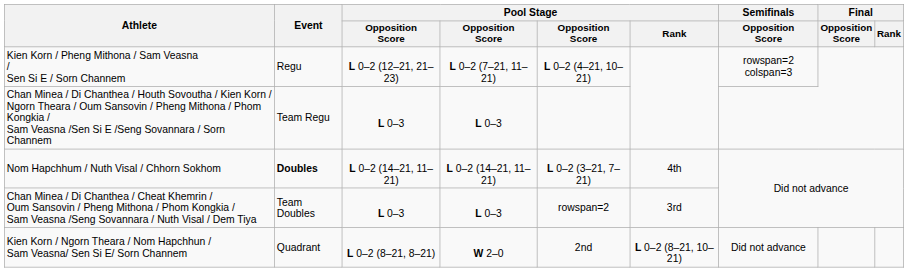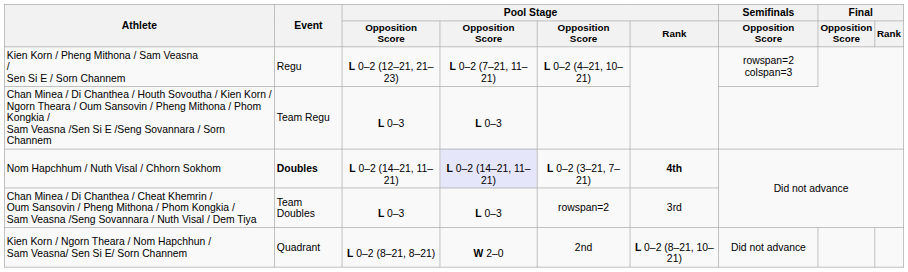 <table class="wikitable" style="font-size:90%">
 <tr>
 <th rowspan=2>Athlete</th>
 <th rowspan=2>Event</th>
 <th colspan=4>Pool Stage</th>
 <th>Semifinals</th>
 <th colspan=2>Final</th>
 </tr>
 <tr style="font-size:95%">
 <th>Opposition<br>Score</th>
 <th>Opposition<br>Score</th>
 <th>Opposition<br>Score</th>
 <th>Rank</th>
 <th>Opposition<br>Score</th>
 <th>Opposition<br>Score</th>
 <th>Rank</th>
 </tr>
 <tr align=center>
 <td align=left>Kien Korn / Pheng Mithona / Sam Veasna<br>/<br>Sen Si E / Sorn Channem</td>
 <td align=left>Regu</td>
 <td><br><strong>L</strong> 0–2 (12–21, 21–23)</td>
 <td><br><strong>L</strong> 0–2 (7–21, 11–21)</td>
 <td><br><strong>L</strong> 0–2 (4–21, 10–21)</td>
 <td rowspan=2></td>
 <td>rowspan=2 colspan=3 </td>
 </tr>
 <tr align=center>
 <td align=left>Chan Minea / Di Chanthea / Houth Sovoutha / Kien Korn /<br>Ngorn Theara / Oum Sansovin / Pheng Mithona / Phom Kongkia /<br>Sam Veasna /Sen Si E /Seng Sovannara / Sorn Channem</td>
 <td align=left>Team Regu</td>
 <td><br><strong>L</strong> 0–3</td>
 <td><br><strong>L</strong> 0–3</td>
 <td></td>
 </tr>
 <tr align=center>
 <td align=left>Nom Hapchhum / Nuth Visal / Chhorn Sokhom</td>
 <td align=left><strong>Doubles</strong></td>
 <td><br><strong>L</strong> 0–2 (14–21, 11–21)</td>
-<td><br><strong>L</strong> 0–2 (14–21, 11–21)</td>
+<td style="background: lavender;"><br><strong>L</strong> 0–2 (14–21, 11–21)</td>
 <td><br><strong>L</strong> 0–2 (3–21, 7–21)</td>
-<td>4th</td>
+<td><strong>4th</strong></td>
 <td rowspan=2 colspan=3>Did not advance</td>
 </tr>
 <tr align=center>
 <td align=left>Chan Minea / Di Chanthea / Cheat Khemrin /<br> Oum Sansovin / Pheng Mithona / Phom Kongkia /<br>Sam Veasna /Seng Sovannara / Nuth Visal / Dem Tiya</td>
 <td align=left>Team Doubles</td>
 <td><br><strong>L</strong> 0–3</td>
 <td><br><strong>L</strong> 0–3</td>
 <td>rowspan=2 </td>
 <td>3rd</td>
 </tr>
 <tr align=center>
 <td align=left>Kien Korn / Ngorn Theara / Nom Hapchhun /<br>Sam Veasna/ Sen Si E/ Sorn Channem</td>
 <td align=left>Quadrant</td>
 <td><br><strong>L</strong> 0–2 (8–21, 8–21)</td>
 <td><br><strong>W</strong> 2–0 </td>
 <td>2nd</td>
 <td><br><strong>L</strong> 0–2 (8–21, 10–21)</td>
 <td>Did not advance</td>
 <td></td>
 </tr>
 </table>
